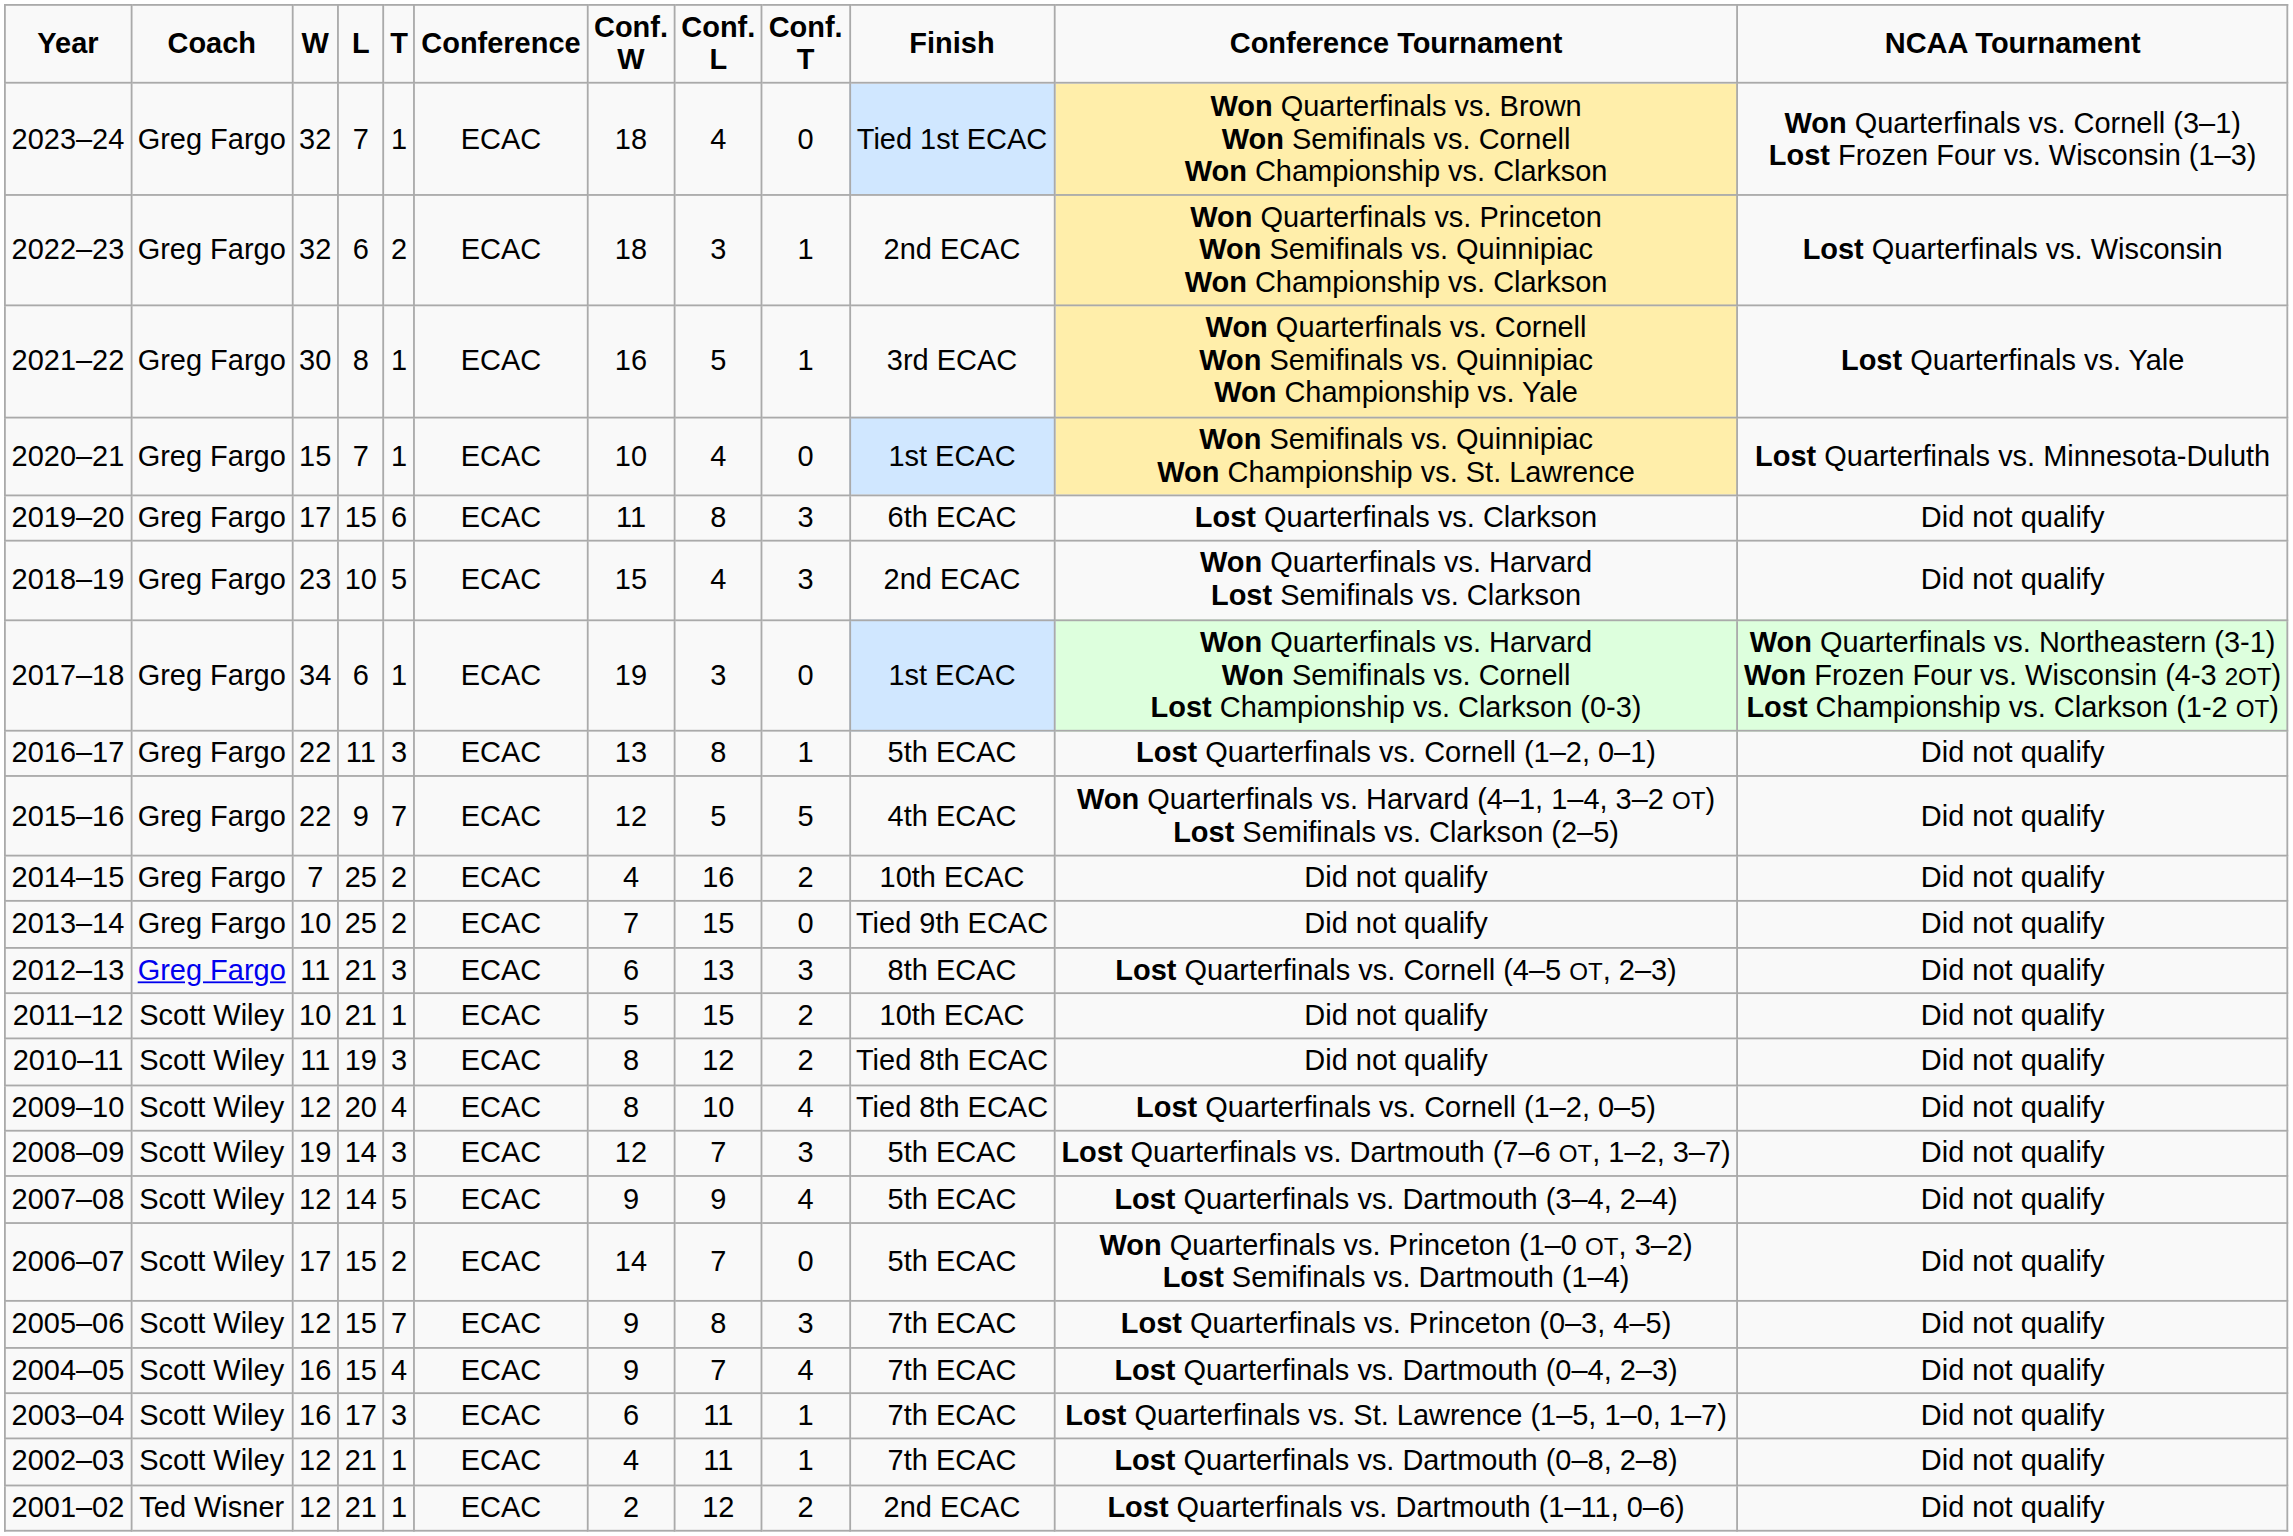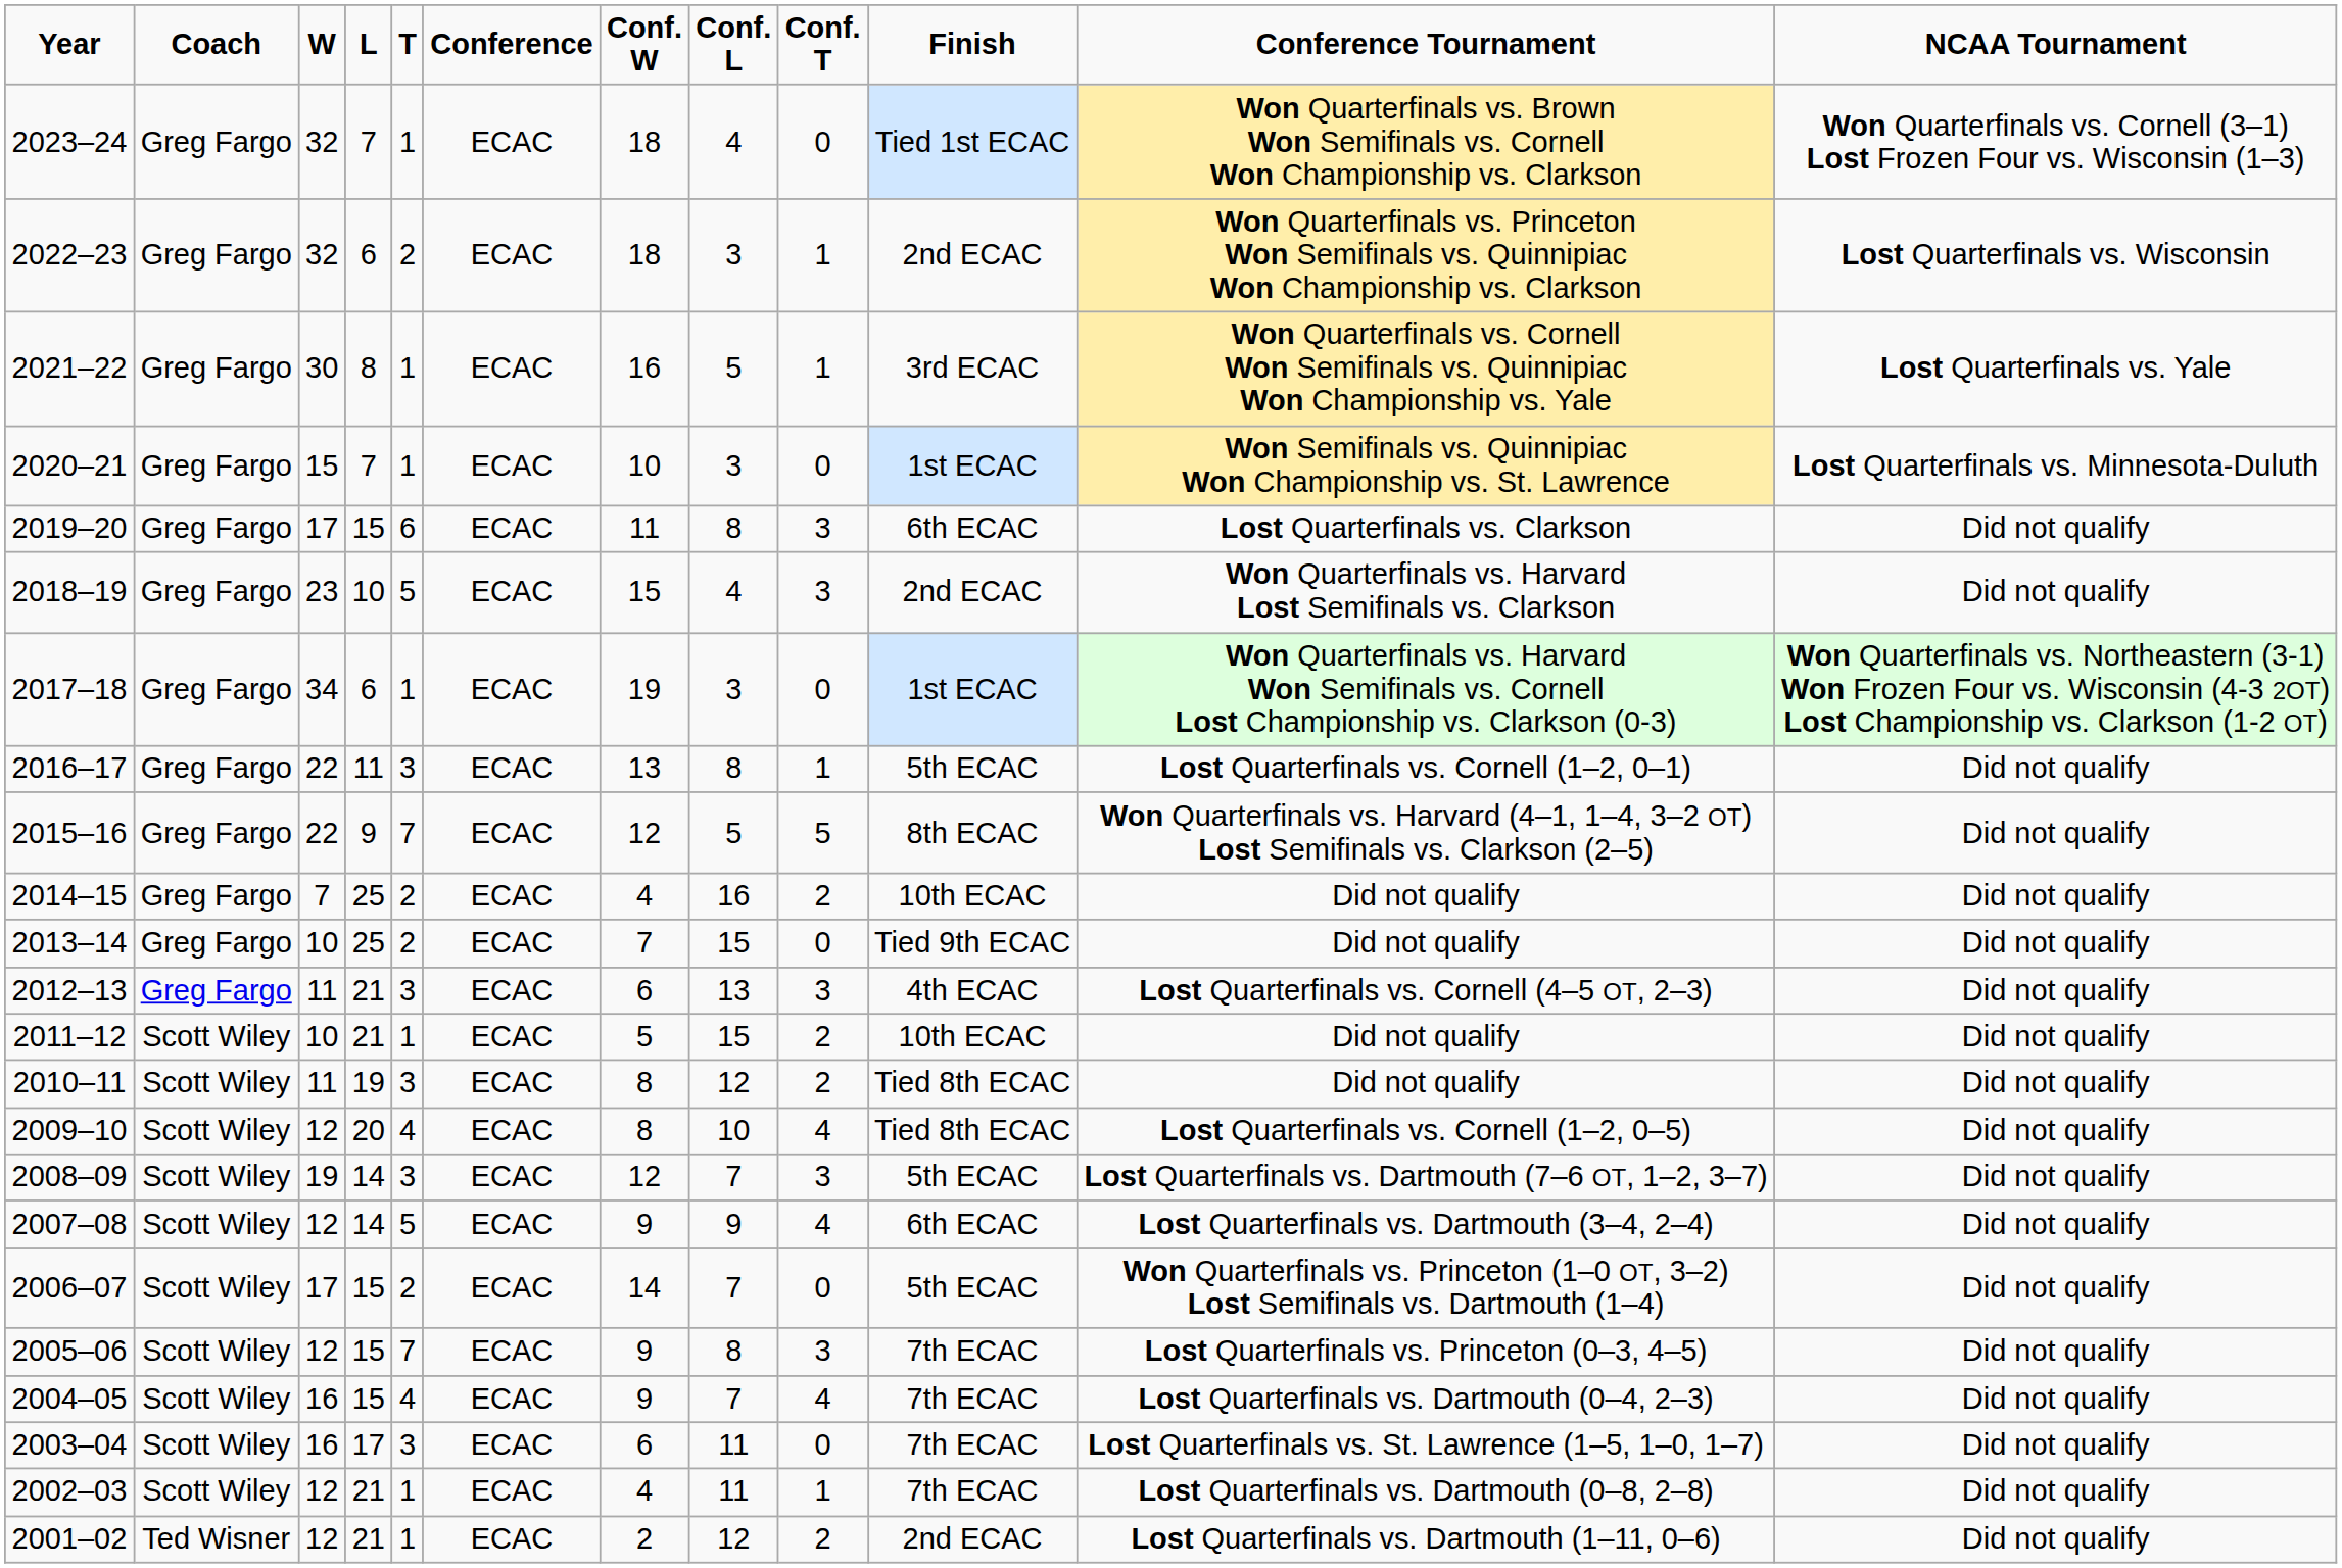 <table class="wikitable" style="text-align:center;">
 <tr>
 <td><strong>Year</strong></td>
 <td><strong>Coach</strong></td>
 <td><strong>W</strong></td>
 <td><strong>L</strong></td>
 <td><strong>T</strong></td>
 <td><strong>Conference</strong></td>
 <td><strong>Conf. <br> W</strong></td>
 <td><strong>Conf. <br> L</strong></td>
 <td><strong>Conf. <br> T</strong></td>
 <td><strong>Finish</strong></td>
 <td><strong>Conference Tournament</strong></td>
 <td><strong>NCAA Tournament</strong></td>
 </tr>
 <tr>
 <td>2023–24</td>
 <td>Greg Fargo</td>
 <td>32</td>
 <td>7</td>
 <td>1</td>
 <td>ECAC</td>
 <td>18</td>
 <td>4</td>
 <td>0</td>
 <td style="background: #d0e7ff;">Tied 1st ECAC</td>
 <td style="background:#fea;"><strong>Won</strong> Quarterfinals vs. Brown  <br> <strong>Won</strong> Semifinals vs. Cornell  <br> <strong>Won</strong> Championship vs. Clarkson </td>
 <td><strong>Won</strong> Quarterfinals vs. Cornell (3–1) <br> <strong>Lost</strong> Frozen Four vs. Wisconsin (1–3)</td>
 </tr>
 <tr>
 <td>2022–23</td>
 <td>Greg Fargo</td>
 <td>32</td>
 <td>6</td>
 <td>2</td>
 <td>ECAC</td>
 <td>18</td>
 <td>3</td>
 <td>1</td>
 <td>2nd ECAC</td>
 <td style="background:#fea;"><strong>Won</strong> Quarterfinals vs. Princeton  <br> <strong>Won</strong> Semifinals vs. Quinnipiac  <br> <strong>Won</strong> Championship vs. Clarkson </td>
 <td><strong>Lost</strong> Quarterfinals vs. Wisconsin </td>
 </tr>
 <tr>
 <td>2021–22</td>
 <td>Greg Fargo</td>
 <td>30</td>
 <td>8</td>
 <td>1</td>
 <td>ECAC</td>
 <td>16</td>
 <td>5</td>
 <td>1</td>
 <td>3rd ECAC</td>
 <td style="background:#fea;"><strong>Won</strong> Quarterfinals vs. Cornell   <br> <strong>Won</strong> Semifinals vs. Quinnipiac  <br> <strong>Won</strong> Championship vs. Yale </td>
 <td><strong>Lost</strong> Quarterfinals vs. Yale </td>
 </tr>
 <tr>
 <td>2020–21</td>
 <td>Greg Fargo</td>
 <td>15</td>
 <td>7</td>
 <td>1</td>
 <td>ECAC</td>
 <td>10</td>
-<td>4</td>
+<td>3</td>
 <td>0</td>
 <td style="background: #d0e7ff;">1st ECAC</td>
 <td style="background:#fea;"><strong>Won</strong> Semifinals vs. Quinnipiac  <br> <strong>Won</strong> Championship vs. St. Lawrence </td>
 <td><strong>Lost</strong> Quarterfinals vs. Minnesota-Duluth </td>
 </tr>
 <tr>
 <td>2019–20</td>
 <td>Greg Fargo</td>
 <td>17</td>
 <td>15</td>
 <td>6</td>
 <td>ECAC</td>
 <td>11</td>
 <td>8</td>
 <td>3</td>
 <td>6th ECAC</td>
 <td><strong>Lost</strong> Quarterfinals vs. Clarkson </td>
 <td>Did not qualify</td>
 </tr>
 <tr>
 <td>2018–19</td>
 <td>Greg Fargo</td>
 <td>23</td>
 <td>10</td>
 <td>5</td>
 <td>ECAC</td>
 <td>15</td>
 <td>4</td>
 <td>3</td>
 <td>2nd ECAC</td>
 <td><strong>Won</strong> Quarterfinals vs. Harvard  <br> <strong>Lost</strong> Semifinals vs. Clarkson </td>
 <td>Did not qualify</td>
 </tr>
 <tr>
 <td>2017–18</td>
 <td>Greg Fargo</td>
 <td>34</td>
 <td>6</td>
 <td>1</td>
 <td>ECAC</td>
 <td>19</td>
 <td>3</td>
 <td>0</td>
 <td style="background: #d0e7ff;">1st ECAC</td>
 <td style="background:#dfd;"><strong>Won</strong> Quarterfinals vs. Harvard  <br> <strong>Won</strong> Semifinals vs. Cornell  <br> <strong>Lost</strong> Championship vs. Clarkson (0-3)</td>
 <td style="background:#dfd;"><strong>Won</strong> Quarterfinals vs. Northeastern (3-1) <br> <strong>Won</strong> Frozen Four vs. Wisconsin (4-3 <small>2OT</small>) <br> <strong>Lost</strong> Championship vs. Clarkson (1-2 <small>OT</small>)</td>
 </tr>
 <tr>
 <td>2016–17</td>
 <td>Greg Fargo</td>
 <td>22</td>
 <td>11</td>
 <td>3</td>
 <td>ECAC</td>
 <td>13</td>
 <td>8</td>
 <td>1</td>
 <td>5th ECAC</td>
 <td><strong>Lost</strong> Quarterfinals vs. Cornell (1–2, 0–1)</td>
 <td>Did not qualify</td>
 </tr>
 <tr>
 <td>2015–16</td>
 <td>Greg Fargo</td>
 <td>22</td>
 <td>9</td>
 <td>7</td>
 <td>ECAC</td>
 <td>12</td>
 <td>5</td>
 <td>5</td>
-<td>4th ECAC</td>
+<td>8th ECAC</td>
 <td><strong>Won</strong> Quarterfinals vs. Harvard (4–1, 1–4, 3–2 <small>OT</small>) <br> <strong>Lost</strong> Semifinals vs. Clarkson (2–5)</td>
 <td>Did not qualify</td>
 </tr>
 <tr>
 <td>2014–15</td>
 <td>Greg Fargo</td>
 <td>7</td>
 <td>25</td>
 <td>2</td>
 <td>ECAC</td>
 <td>4</td>
 <td>16</td>
 <td>2</td>
 <td>10th ECAC</td>
 <td>Did not qualify</td>
 <td>Did not qualify</td>
 </tr>
 <tr>
 <td>2013–14</td>
 <td>Greg Fargo</td>
 <td>10</td>
 <td>25</td>
 <td>2</td>
 <td>ECAC</td>
 <td>7</td>
 <td>15</td>
 <td>0</td>
 <td>Tied 9th ECAC</td>
 <td>Did not qualify</td>
 <td>Did not qualify</td>
 </tr>
 <tr>
 <td>2012–13</td>
 <td><a href='#'>Greg Fargo</a></td>
 <td>11</td>
 <td>21</td>
 <td>3</td>
 <td>ECAC</td>
 <td>6</td>
 <td>13</td>
 <td>3</td>
-<td>8th ECAC</td>
+<td>4th ECAC</td>
 <td><strong>Lost</strong> Quarterfinals vs. Cornell (4–5 <small>OT</small>, 2–3)</td>
 <td>Did not qualify</td>
 </tr>
 <tr>
 <td>2011–12</td>
 <td>Scott Wiley</td>
 <td>10</td>
 <td>21</td>
 <td>1</td>
 <td>ECAC</td>
 <td>5</td>
 <td>15</td>
 <td>2</td>
 <td>10th ECAC</td>
 <td>Did not qualify</td>
 <td>Did not qualify</td>
 </tr>
 <tr>
 <td>2010–11</td>
 <td>Scott Wiley</td>
 <td>11</td>
 <td>19</td>
 <td>3</td>
 <td>ECAC</td>
 <td>8</td>
 <td>12</td>
 <td>2</td>
 <td>Tied 8th ECAC</td>
 <td>Did not qualify</td>
 <td>Did not qualify</td>
 </tr>
 <tr>
 <td>2009–10</td>
 <td>Scott Wiley</td>
 <td>12</td>
 <td>20</td>
 <td>4</td>
 <td>ECAC</td>
 <td>8</td>
 <td>10</td>
 <td>4</td>
 <td>Tied 8th ECAC</td>
 <td><strong>Lost</strong> Quarterfinals vs. Cornell (1–2, 0–5)</td>
 <td>Did not qualify</td>
 </tr>
 <tr>
 <td>2008–09</td>
 <td>Scott Wiley</td>
 <td>19</td>
 <td>14</td>
 <td>3</td>
 <td>ECAC</td>
 <td>12</td>
 <td>7</td>
 <td>3</td>
 <td>5th ECAC</td>
 <td><strong>Lost</strong> Quarterfinals vs. Dartmouth (7–6 <small>OT</small>, 1–2, 3–7)</td>
 <td>Did not qualify</td>
 </tr>
 <tr>
 <td>2007–08</td>
 <td>Scott Wiley</td>
 <td>12</td>
 <td>14</td>
 <td>5</td>
 <td>ECAC</td>
 <td>9</td>
 <td>9</td>
 <td>4</td>
-<td>5th ECAC</td>
+<td>6th ECAC</td>
 <td><strong>Lost</strong> Quarterfinals vs. Dartmouth (3–4, 2–4)</td>
 <td>Did not qualify</td>
 </tr>
 <tr>
 <td>2006–07</td>
 <td>Scott Wiley</td>
 <td>17</td>
 <td>15</td>
 <td>2</td>
 <td>ECAC</td>
 <td>14</td>
 <td>7</td>
 <td>0</td>
 <td>5th ECAC</td>
 <td><strong>Won</strong> Quarterfinals vs. Princeton (1–0 <small>OT</small>, 3–2) <br> <strong>Lost</strong> Semifinals vs. Dartmouth (1–4)</td>
 <td>Did not qualify</td>
 </tr>
 <tr>
 <td>2005–06</td>
 <td>Scott Wiley</td>
 <td>12</td>
 <td>15</td>
 <td>7</td>
 <td>ECAC</td>
 <td>9</td>
 <td>8</td>
 <td>3</td>
 <td>7th ECAC</td>
 <td><strong>Lost</strong> Quarterfinals vs. Princeton (0–3, 4–5)</td>
 <td>Did not qualify</td>
 </tr>
 <tr>
 <td>2004–05</td>
 <td>Scott Wiley</td>
 <td>16</td>
 <td>15</td>
 <td>4</td>
 <td>ECAC</td>
 <td>9</td>
 <td>7</td>
 <td>4</td>
 <td>7th ECAC</td>
 <td><strong>Lost</strong> Quarterfinals vs. Dartmouth (0–4, 2–3)</td>
 <td>Did not qualify</td>
 </tr>
 <tr>
 <td>2003–04</td>
 <td>Scott Wiley</td>
 <td>16</td>
 <td>17</td>
 <td>3</td>
 <td>ECAC</td>
 <td>6</td>
 <td>11</td>
-<td>1</td>
+<td>0</td>
 <td>7th ECAC</td>
 <td><strong>Lost</strong> Quarterfinals vs. St. Lawrence (1–5, 1–0, 1–7)</td>
 <td>Did not qualify</td>
 </tr>
 <tr>
 <td>2002–03</td>
 <td>Scott Wiley</td>
 <td>12</td>
 <td>21</td>
 <td>1</td>
 <td>ECAC</td>
 <td>4</td>
 <td>11</td>
 <td>1</td>
 <td>7th ECAC</td>
 <td><strong>Lost</strong> Quarterfinals vs. Dartmouth (0–8, 2–8)</td>
 <td>Did not qualify</td>
 </tr>
 <tr>
 <td>2001–02</td>
 <td>Ted Wisner</td>
 <td>12</td>
 <td>21</td>
 <td>1</td>
 <td>ECAC</td>
 <td>2</td>
 <td>12</td>
 <td>2</td>
 <td>2nd ECAC</td>
 <td><strong>Lost</strong> Quarterfinals vs. Dartmouth (1–11, 0–6)</td>
 <td>Did not qualify</td>
 </tr>
 </table>
